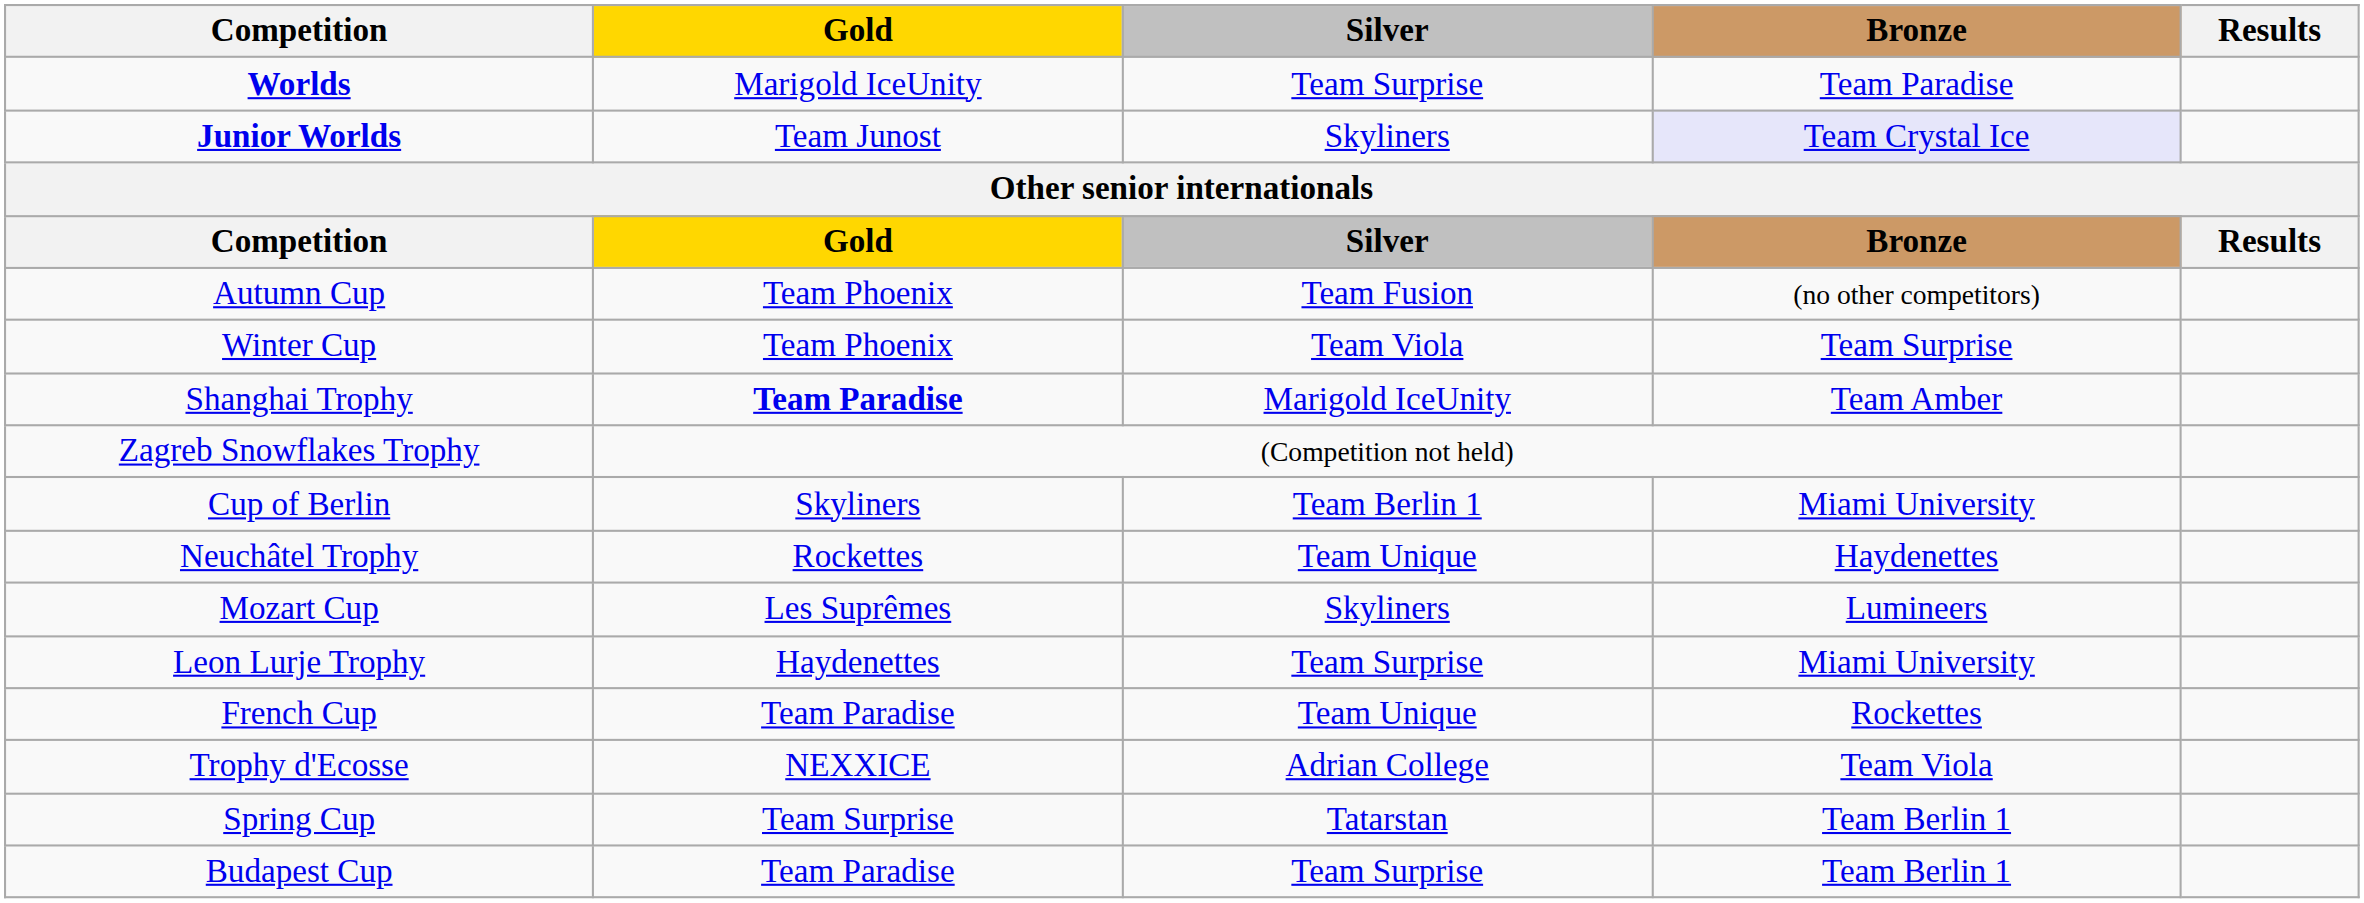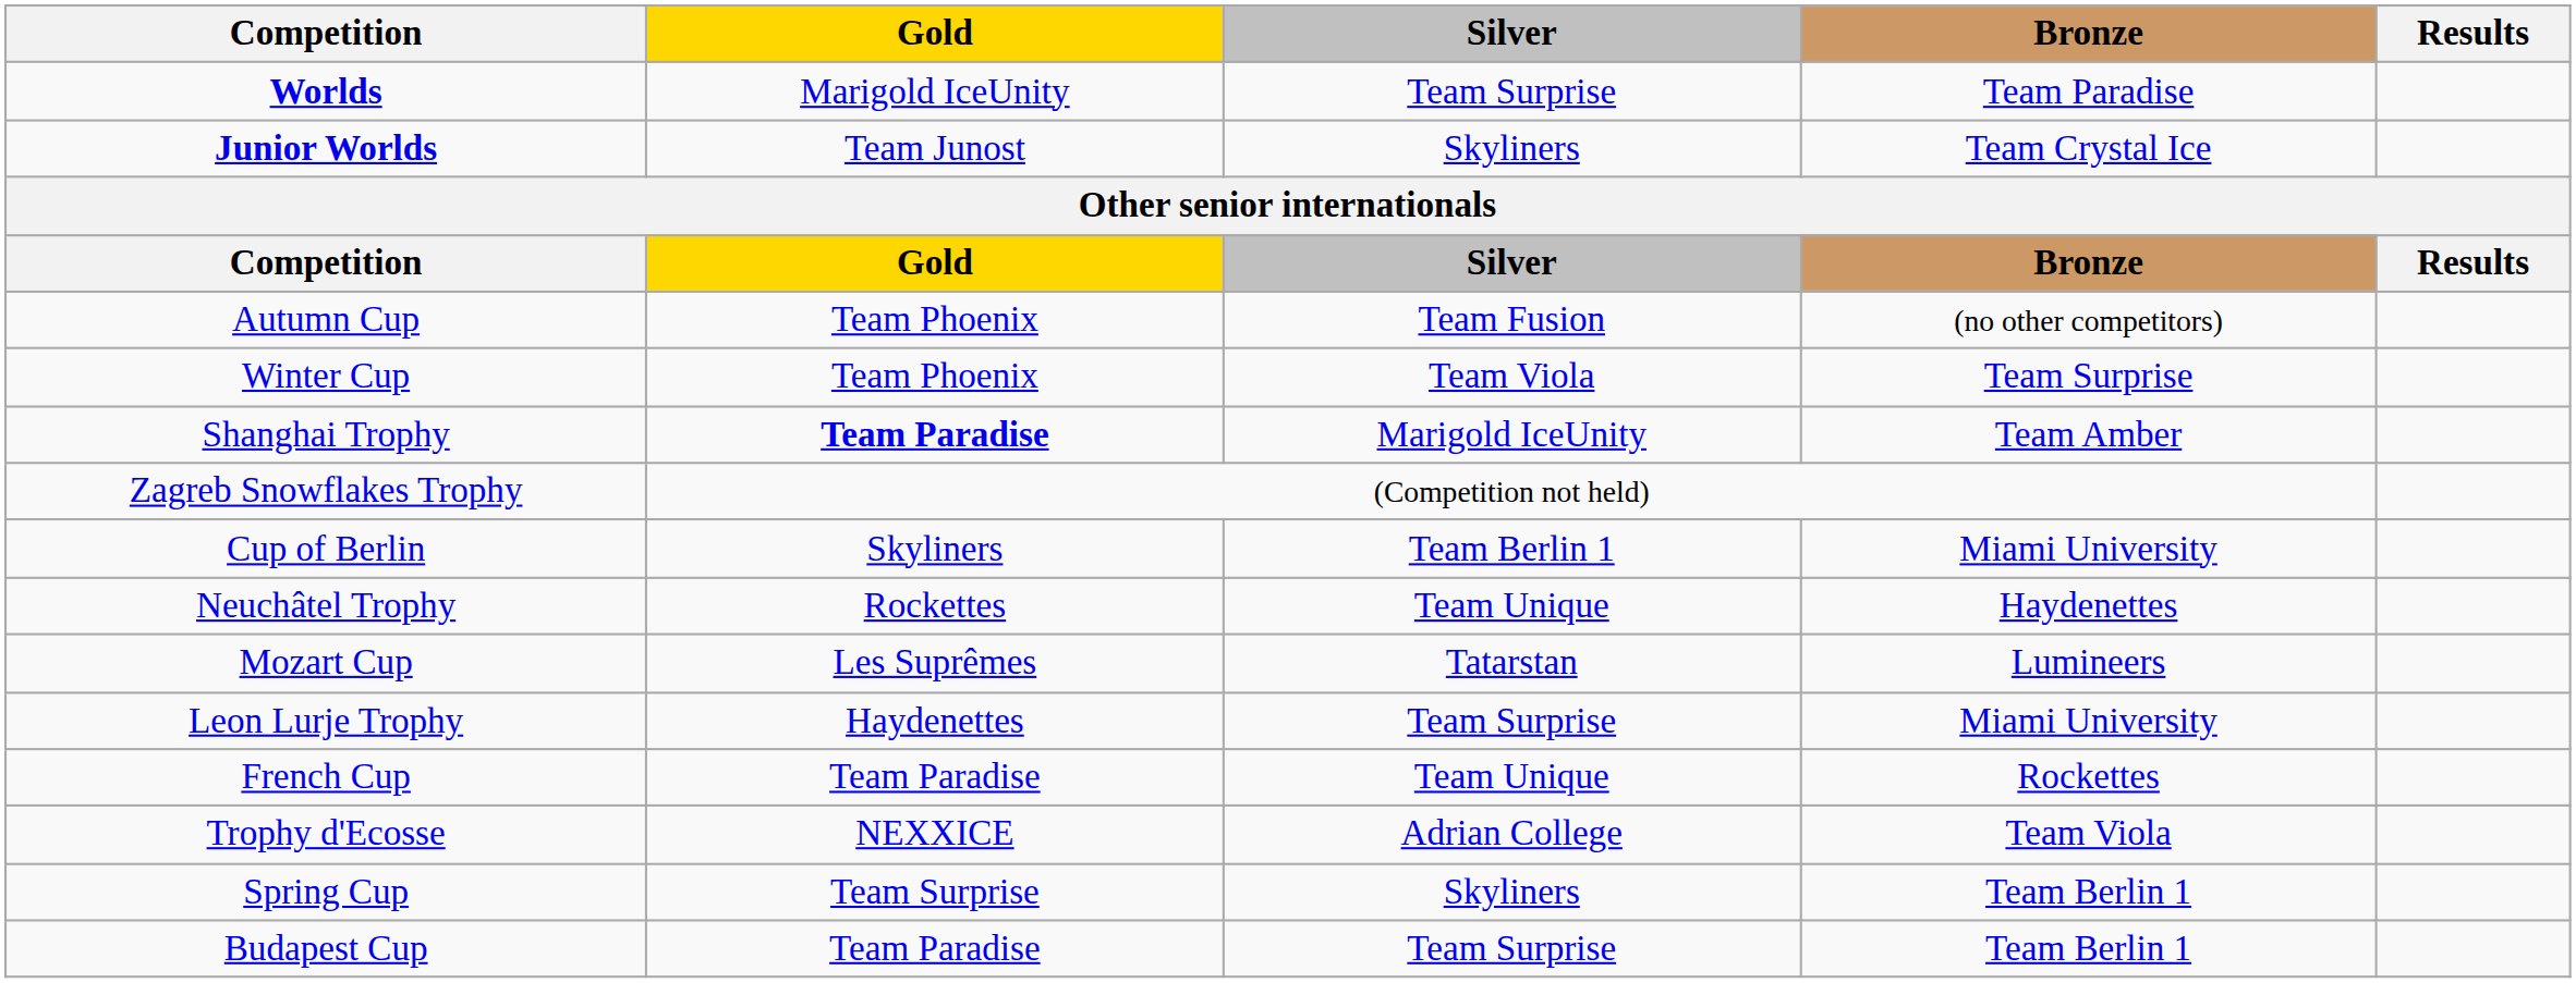 <table class="wikitable" style="text-align:center; width:90%;">
 <tr>
 <th scope="col" style="text-align:center; width:25%;">Competition</th>
 <td scope="col" style="text-align:center; width:22.5%; background:gold"><strong>Gold</strong></td>
 <td scope="col" style="text-align:center; width:22.5%; background:silver"><strong>Silver</strong></td>
 <td scope="col" style="text-align:center; width:22.5%; background:#c96"><strong>Bronze</strong></td>
 <th scope="col" style="text-align:center; width:7.5%;">Results</th>
 </tr>
 <tr>
 <td align="center"><strong><a href='#'>Worlds</a></strong></td>
 <td><a href='#'>Marigold IceUnity</a></td>
 <td><a href='#'>Team Surprise</a></td>
 <td><a href='#'>Team Paradise</a></td>
 <td align="center"></td>
 </tr>
 <tr>
 <td align="center"><a href='#'><strong>Junior Worlds</strong></a></td>
 <td><a href='#'>Team Junost</a></td>
 <td><a href='#'>Skyliners</a></td>
-<td style="background: lavender;"><a href='#'>Team Crystal Ice</a></td>
+<td><a href='#'>Team Crystal Ice</a></td>
 <td align="center"></td>
 </tr>
 <tr>
 <th colspan="5">Other senior internationals</th>
 </tr>
 <tr>
 <th scope="col" style="text-align:center; width:25%;">Competition</th>
 <td scope="col" style="text-align:center; width:22.5%; background:gold"><strong>Gold</strong></td>
 <td scope="col" style="text-align:center; width:22.5%; background:silver"><strong>Silver</strong></td>
 <td scope="col" style="text-align:center; width:22.5%; background:#c96"><strong>Bronze</strong></td>
 <th scope="col" style="text-align:center; width:7.5%;">Results</th>
 </tr>
 <tr>
 <td><a href='#'>Autumn Cup</a></td>
 <td><a href='#'>Team Phoenix</a></td>
 <td><a href='#'>Team Fusion</a></td>
 <td><small>(no other competitors)</small></td>
 <td></td>
 </tr>
 <tr>
 <td><a href='#'>Winter Cup</a></td>
 <td><a href='#'>Team Phoenix</a></td>
 <td><a href='#'>Team Viola</a></td>
 <td><a href='#'>Team Surprise</a></td>
 <td></td>
 </tr>
 <tr>
 <td><a href='#'>Shanghai Trophy</a></td>
 <td><strong><a href='#'>Team Paradise</a></strong></td>
 <td><a href='#'>Marigold IceUnity</a></td>
 <td><a href='#'>Team Amber</a></td>
 <td></td>
 </tr>
 <tr>
 <td><a href='#'>Zagreb Snowflakes Trophy</a></td>
 <td colspan="3"><small>(Competition not held)</small></td>
 <td></td>
 </tr>
 <tr>
 <td align="center"><a href='#'>Cup of Berlin</a></td>
 <td><a href='#'>Skyliners</a></td>
 <td><a href='#'>Team Berlin 1</a></td>
 <td><a href='#'>Miami University</a></td>
 <td align="center"></td>
 </tr>
 <tr>
 <td><a href='#'>Neuchâtel Trophy</a></td>
 <td><a href='#'>Rockettes</a></td>
 <td><a href='#'>Team Unique</a></td>
 <td><a href='#'>Haydenettes</a></td>
 <td></td>
 </tr>
 <tr>
 <td align="center"><a href='#'>Mozart Cup</a></td>
 <td><a href='#'>Les Suprêmes</a></td>
-<td><a href='#'>Skyliners</a></td>
+<td><a href='#'>Tatarstan</a></td>
 <td><a href='#'>Lumineers</a></td>
 <td align="center"></td>
 </tr>
 <tr>
 <td><a href='#'>Leon Lurje Trophy</a></td>
 <td><a href='#'>Haydenettes</a></td>
 <td><a href='#'>Team Surprise</a></td>
 <td><a href='#'>Miami University</a></td>
 <td></td>
 </tr>
 <tr>
 <td><a href='#'>French Cup</a></td>
 <td><a href='#'>Team Paradise</a></td>
 <td><a href='#'>Team Unique</a></td>
 <td><a href='#'>Rockettes</a></td>
 <td></td>
 </tr>
 <tr>
 <td><a href='#'>Trophy d'Ecosse</a></td>
 <td><a href='#'>NEXXICE</a></td>
 <td><a href='#'>Adrian College</a></td>
 <td><a href='#'>Team Viola</a></td>
 <td></td>
 </tr>
 <tr>
 <td><a href='#'>Spring Cup</a></td>
 <td><a href='#'>Team Surprise</a></td>
-<td><a href='#'>Tatarstan</a></td>
+<td><a href='#'>Skyliners</a></td>
 <td><a href='#'>Team Berlin 1</a></td>
 <td></td>
 </tr>
 <tr>
 <td><a href='#'>Budapest Cup</a></td>
 <td><a href='#'>Team Paradise</a></td>
 <td><a href='#'>Team Surprise</a></td>
 <td><a href='#'>Team Berlin 1</a></td>
 <td></td>
 </tr>
 </table>
